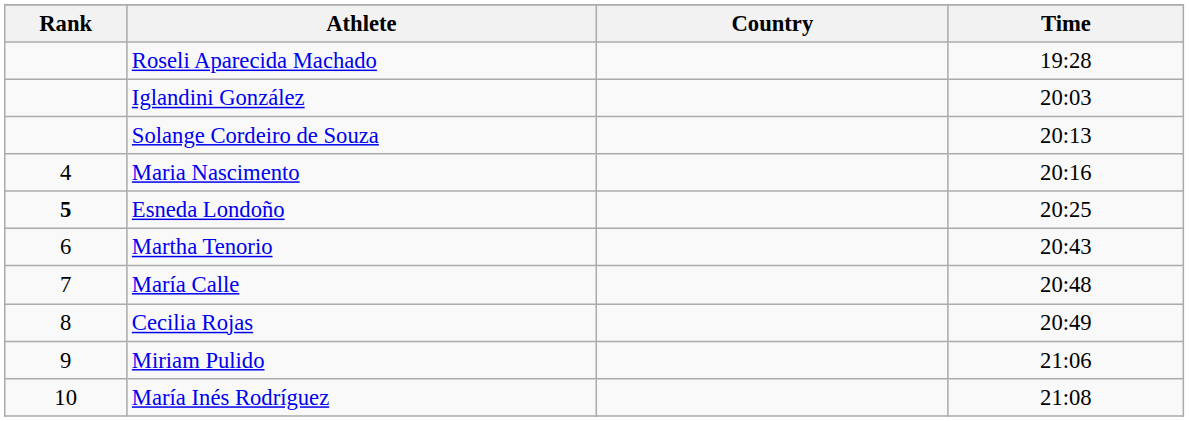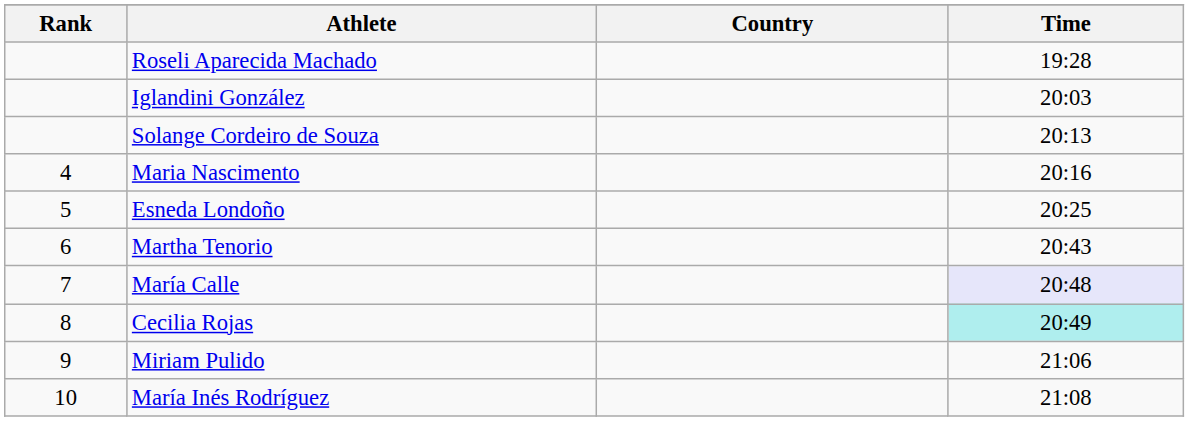 <table class="wikitable sortable" style=" text-align:center; font-size:95%;" width="50%">
 <tr>
 </tr>
 <tr>
 <th width=5%>Rank</th>
 <th width=20%>Athlete</th>
 <th width=15%>Country</th>
 <th width=10%>Time</th>
 </tr>
 <tr>
 <td align=center></td>
 <td align=left><a href='#'>Roseli Aparecida Machado</a></td>
 <td align=left></td>
 <td>19:28</td>
 </tr>
 <tr>
 <td align=center></td>
 <td align=left><a href='#'>Iglandini González</a></td>
 <td align=left></td>
 <td>20:03</td>
 </tr>
 <tr>
 <td align=center></td>
 <td align=left><a href='#'>Solange Cordeiro de Souza</a></td>
 <td align=left></td>
 <td>20:13</td>
 </tr>
 <tr>
 <td align=center>4</td>
 <td align=left><a href='#'>Maria Nascimento</a></td>
 <td align=left></td>
 <td>20:16</td>
 </tr>
 <tr>
-<td align=center><strong>5</strong></td>
+<td align=center>5</td>
 <td align=left><a href='#'>Esneda Londoño</a></td>
 <td align=left></td>
 <td>20:25</td>
 </tr>
 <tr>
 <td align=center>6</td>
 <td align=left><a href='#'>Martha Tenorio</a></td>
 <td align=left></td>
 <td>20:43</td>
 </tr>
 <tr>
 <td align=center>7</td>
 <td align=left><a href='#'>María Calle</a></td>
 <td align=left></td>
-<td>20:48</td>
+<td style="background: lavender;">20:48</td>
 </tr>
 <tr>
 <td align=center>8</td>
 <td align=left><a href='#'>Cecilia Rojas</a></td>
 <td align=left></td>
-<td>20:49</td>
+<td style="background: paleturquoise;">20:49</td>
 </tr>
 <tr>
 <td align=center>9</td>
 <td align=left><a href='#'>Miriam Pulido</a></td>
 <td align=left></td>
 <td>21:06</td>
 </tr>
 <tr>
 <td align=center>10</td>
 <td align=left><a href='#'>María Inés Rodríguez</a></td>
 <td align=left></td>
 <td>21:08</td>
 </tr>
 </table>
